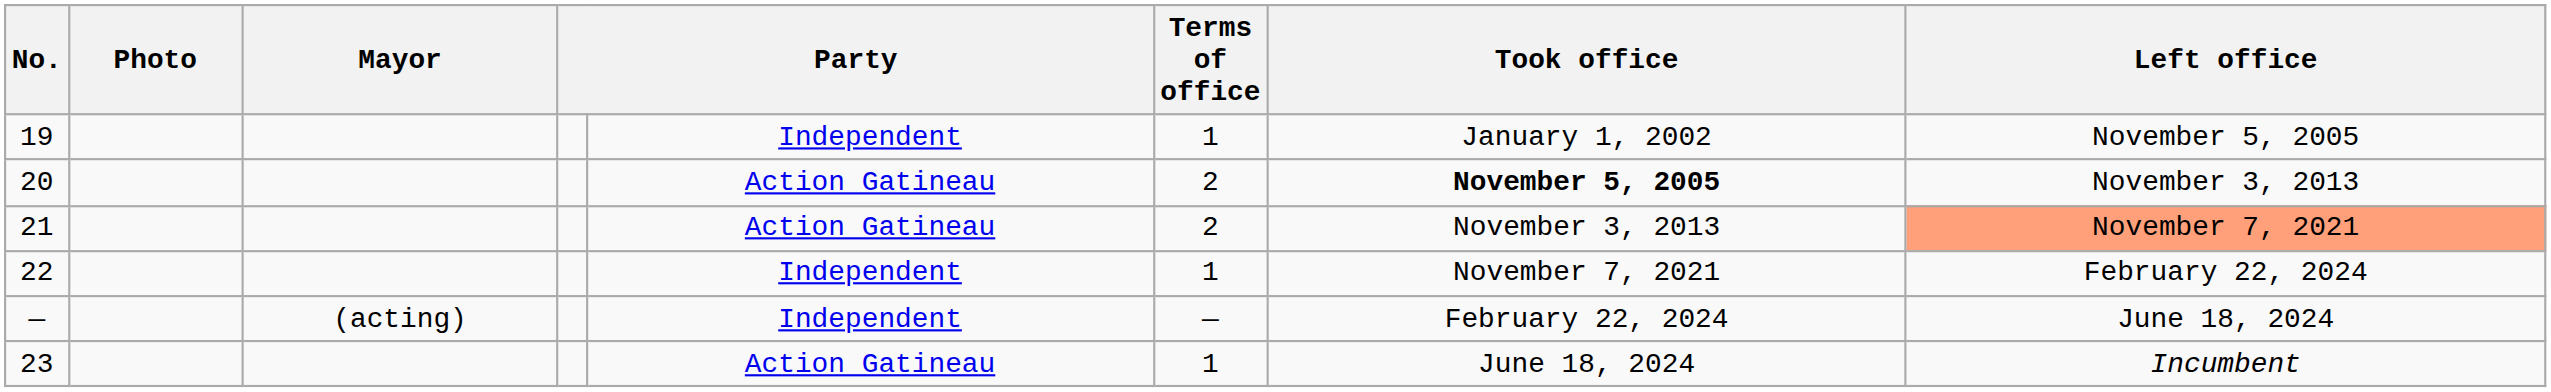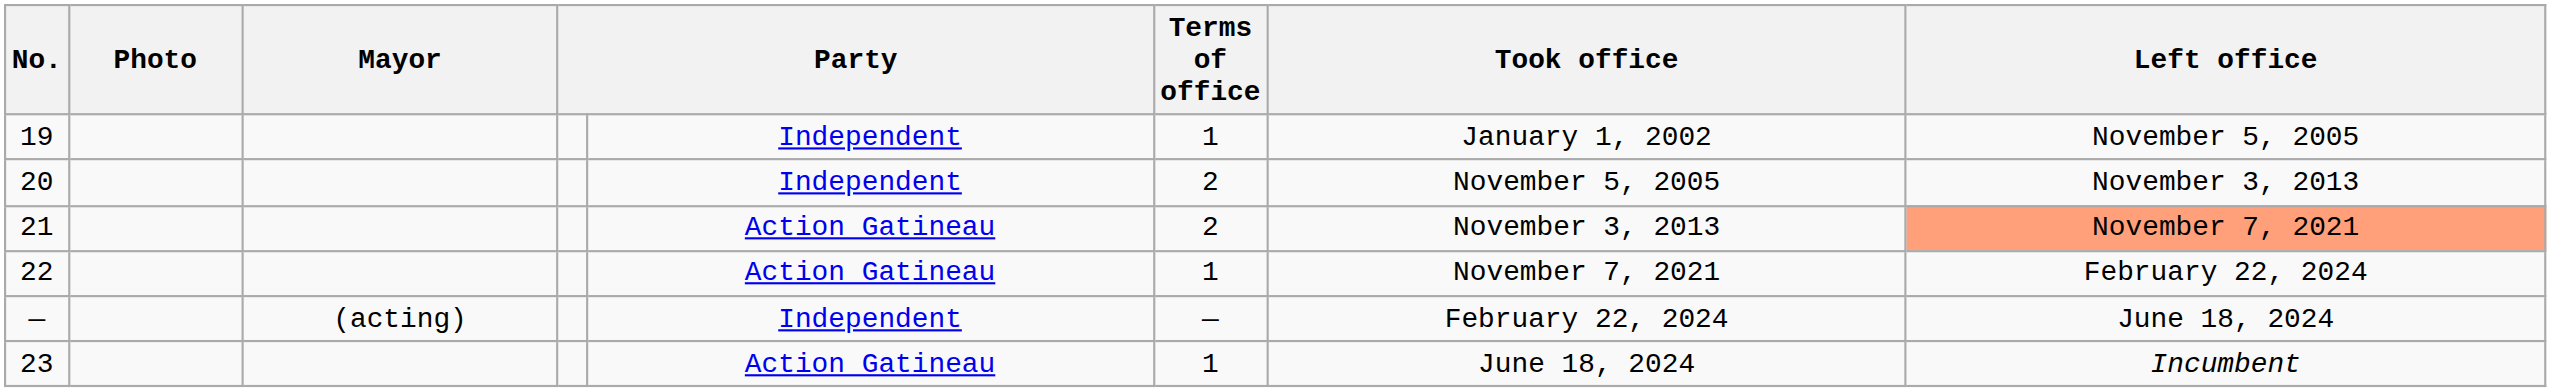 <table class="sortable wikitable" style="text-align:left; font-size:100%; width:75%;">
 <tr>
 <th width="4em">No.</th>
 <th width="75px">Photo</th>
 <th>Mayor</th>
 <th colspan="2">Party</th>
 <th width="10em">Terms of office</th>
 <th>Took office</th>
 <th>Left office</th>
 </tr>
 <tr align="center">
 <td>19</td>
 <td></td>
 <td></td>
 <td ! style="background:"></td>
 <td><a href='#'>Independent</a></td>
 <td align="center">1</td>
 <td>January 1, 2002</td>
 <td>November 5, 2005</td>
 </tr>
 <tr align="center">
 <td>20</td>
 <td></td>
 <td></td>
 <td ! style="background:"></td>
-<td><a href='#'>Action Gatineau</a></td>
+<td><a href='#'>Independent</a></td>
 <td align="center">2</td>
-<td><strong>November 5, 2005</strong></td>
+<td>November 5, 2005</td>
 <td>November 3, 2013</td>
 </tr>
 <tr align="center">
 <td>21</td>
 <td></td>
 <td></td>
 <td ! style="background:"></td>
 <td><a href='#'>Action Gatineau</a></td>
 <td align="center">2</td>
 <td>November 3, 2013</td>
 <td style="background: lightsalmon;">November 7, 2021</td>
 </tr>
 <tr align="center">
 <td>22</td>
 <td></td>
 <td></td>
 <td ! style="background:"></td>
-<td><a href='#'>Independent</a></td>
+<td><a href='#'>Action Gatineau</a></td>
 <td align="center">1</td>
 <td>November 7, 2021</td>
 <td>February 22, 2024</td>
 </tr>
 <tr align="center">
 <td>—</td>
 <td></td>
 <td> (acting)</td>
 <td ! style="background:"></td>
 <td><a href='#'>Independent</a></td>
 <td align="center">—</td>
 <td>February 22, 2024</td>
 <td>June 18, 2024</td>
 </tr>
 <tr align="center">
 <td>23</td>
 <td></td>
 <td></td>
 <td ! style="background:"></td>
 <td><a href='#'>Action Gatineau</a></td>
 <td align="center">1</td>
 <td>June 18, 2024</td>
 <td><em>Incumbent</em></td>
 </tr>
 </table>
